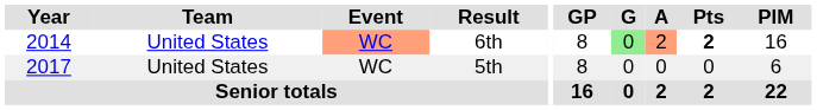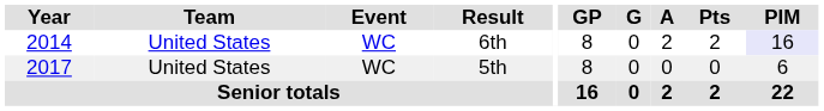 <table border="0" cellpadding="1" cellspacing="0" ID="Table3" style="text-align:center; width:40em">
 <tr ALIGN="center" bgcolor="#e0e0e0">
 <th>Year</th>
 <th>Team</th>
 <th>Event</th>
 <th>Result</th>
 <th rowspan="99" bgcolor="#ffffff"></th>
 <th>GP</th>
 <th>G</th>
 <th>A</th>
 <th>Pts</th>
 <th>PIM</th>
 </tr>
 <tr>
 <td><a href='#'>2014</a></td>
 <td><a href='#'>United States</a></td>
-<td style="background: lightsalmon;"><a href='#'>WC</a></td>
+<td><a href='#'>WC</a></td>
 <td>6th</td>
 <td>8</td>
-<td style="background: lightgreen;">0</td>
-<td style="background: lightsalmon;">2</td>
-<td><strong>2</strong></td>
-<td>16</td>
+<td>0</td>
+<td>2</td>
+<td>2</td>
+<td style="background: lavender;">16</td>
 </tr>
 <tr bgcolor="#f0f0f0">
 <td><a href='#'>2017</a></td>
 <td>United States</td>
 <td>WC</td>
 <td>5th</td>
 <td>8</td>
 <td>0</td>
 <td>0</td>
 <td>0</td>
 <td>6</td>
 </tr>
 <tr bgcolor="#e0e0e0">
 <th colspan=4>Senior totals</th>
 <th>16</th>
 <th>0</th>
 <th>2</th>
 <th>2</th>
 <th>22</th>
 </tr>
 </table>
